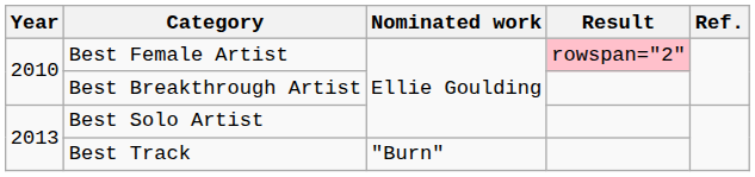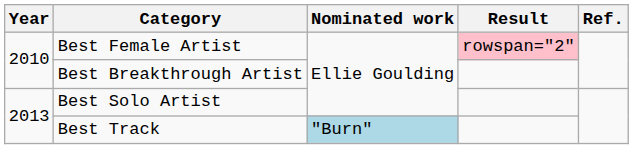 <table class="wikitable">
 <tr>
 <th>Year</th>
 <th>Category</th>
 <th>Nominated work</th>
 <th>Result</th>
 <th>Ref.</th>
 </tr>
 <tr>
 <td rowspan="2">2010</td>
 <td>Best Female Artist</td>
 <td rowspan="3">Ellie Goulding</td>
 <td style="background: pink;">rowspan="2" </td>
 <td rowspan="2"></td>
 </tr>
 <tr>
 <td>Best Breakthrough Artist</td>
 </tr>
 <tr>
 <td rowspan="2">2013</td>
 <td>Best Solo Artist</td>
 <td></td>
 <td rowspan="2"></td>
 </tr>
 <tr>
 <td>Best Track</td>
-<td>"Burn"</td>
+<td style="background: lightblue;">"Burn"</td>
 <td></td>
 </tr>
 </table>
